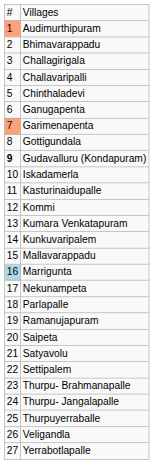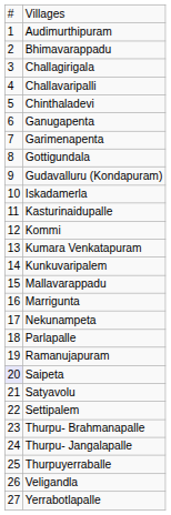 <table class="wikitable">
 <tr>
 <td>#</td>
 <td>Villages</td>
 </tr>
 <tr>
-<td style="background: lightsalmon;">1</td>
+<td>1</td>
 <td>Audimurthipuram</td>
 </tr>
 <tr>
 <td>2</td>
 <td>Bhimavarappadu</td>
 </tr>
 <tr>
 <td>3</td>
 <td>Challagirigala</td>
 </tr>
 <tr>
 <td>4</td>
 <td>Challavaripalli</td>
 </tr>
 <tr>
 <td>5</td>
 <td>Chinthaladevi</td>
 </tr>
 <tr>
 <td>6</td>
 <td>Ganugapenta</td>
 </tr>
 <tr>
-<td style="background: lightsalmon;">7</td>
+<td>7</td>
 <td>Garimenapenta</td>
 </tr>
 <tr>
 <td>8</td>
 <td>Gottigundala</td>
 </tr>
 <tr>
-<td><strong>9</strong></td>
+<td>9</td>
 <td>Gudavalluru (Kondapuram)</td>
 </tr>
 <tr>
 <td>10</td>
 <td>Iskadamerla</td>
 </tr>
 <tr>
 <td>11</td>
 <td>Kasturinaidupalle</td>
 </tr>
 <tr>
 <td>12</td>
 <td>Kommi</td>
 </tr>
 <tr>
 <td>13</td>
 <td>Kumara Venkatapuram</td>
 </tr>
 <tr>
 <td>14</td>
 <td>Kunkuvaripalem</td>
 </tr>
 <tr>
 <td>15</td>
 <td>Mallavarappadu</td>
 </tr>
 <tr>
-<td style="background: lightblue;">16</td>
+<td>16</td>
 <td>Marrigunta</td>
 </tr>
 <tr>
 <td>17</td>
 <td>Nekunampeta</td>
 </tr>
 <tr>
 <td>18</td>
 <td>Parlapalle</td>
 </tr>
 <tr>
 <td>19</td>
 <td>Ramanujapuram</td>
 </tr>
 <tr>
-<td>20</td>
+<td style="background: lavender;">20</td>
 <td>Saipeta</td>
 </tr>
 <tr>
 <td>21</td>
 <td>Satyavolu</td>
 </tr>
 <tr>
 <td>22</td>
 <td>Settipalem</td>
 </tr>
 <tr>
 <td>23</td>
 <td>Thurpu- Brahmanapalle</td>
 </tr>
 <tr>
 <td>24</td>
 <td>Thurpu- Jangalapalle</td>
 </tr>
 <tr>
 <td>25</td>
 <td>Thurpuyerraballe</td>
 </tr>
 <tr>
 <td>26</td>
 <td>Veligandla</td>
 </tr>
 <tr>
 <td>27</td>
 <td>Yerrabotlapalle</td>
 </tr>
 </table>
